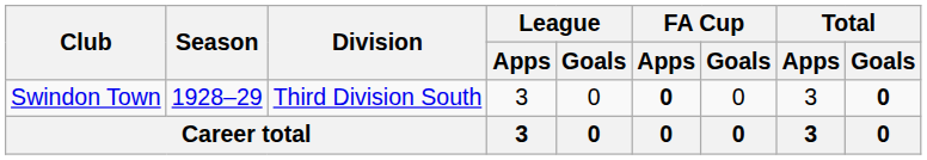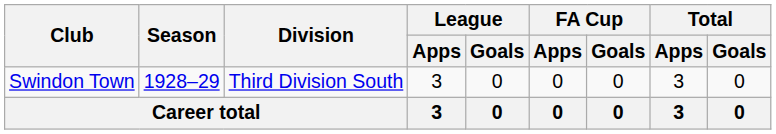 <table class="wikitable" style="text-align:center;">
 <tr>
 <th rowspan="2">Club</th>
 <th rowspan="2">Season</th>
 <th rowspan="2">Division</th>
 <th colspan="2">League</th>
 <th colspan="2">FA Cup</th>
 <th colspan="2">Total</th>
 </tr>
 <tr>
 <th>Apps</th>
 <th>Goals</th>
 <th>Apps</th>
 <th>Goals</th>
 <th>Apps</th>
 <th>Goals</th>
 </tr>
 <tr>
 <td><a href='#'>Swindon Town</a></td>
 <td><a href='#'>1928–29</a></td>
 <td><a href='#'>Third Division South</a></td>
 <td>3</td>
 <td>0</td>
-<td><strong>0</strong></td>
+<td>0</td>
 <td>0</td>
 <td>3</td>
-<td><strong>0</strong></td>
+<td>0</td>
 </tr>
 <tr>
 <th colspan="3">Career total</th>
 <th>3</th>
 <th>0</th>
 <th>0</th>
 <th>0</th>
 <th>3</th>
 <th>0</th>
 </tr>
 </table>
